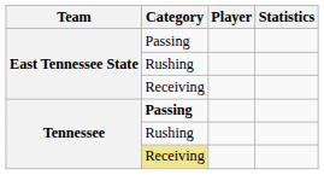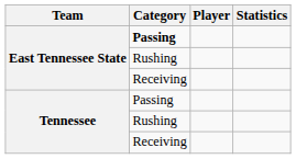 <table class="wikitable" style="float:right">
 <tr>
 <th>Team</th>
 <th>Category</th>
 <th>Player</th>
 <th>Statistics</th>
 </tr>
 <tr>
 <th rowspan=3>East Tennessee State</th>
-<td>Passing</td>
+<td><strong>Passing</strong></td>
 <td></td>
 <td></td>
 </tr>
 <tr>
 <td>Rushing</td>
 <td></td>
 <td></td>
 </tr>
 <tr>
 <td>Receiving</td>
 <td></td>
 <td></td>
 </tr>
 <tr>
 <th rowspan=3>Tennessee</th>
-<td><strong>Passing</strong></td>
+<td>Passing</td>
 <td></td>
 <td></td>
 </tr>
 <tr>
 <td>Rushing</td>
 <td></td>
 <td></td>
 </tr>
 <tr>
-<td style="background: khaki;">Receiving</td>
+<td>Receiving</td>
 <td></td>
 <td></td>
 </tr>
 </table>
